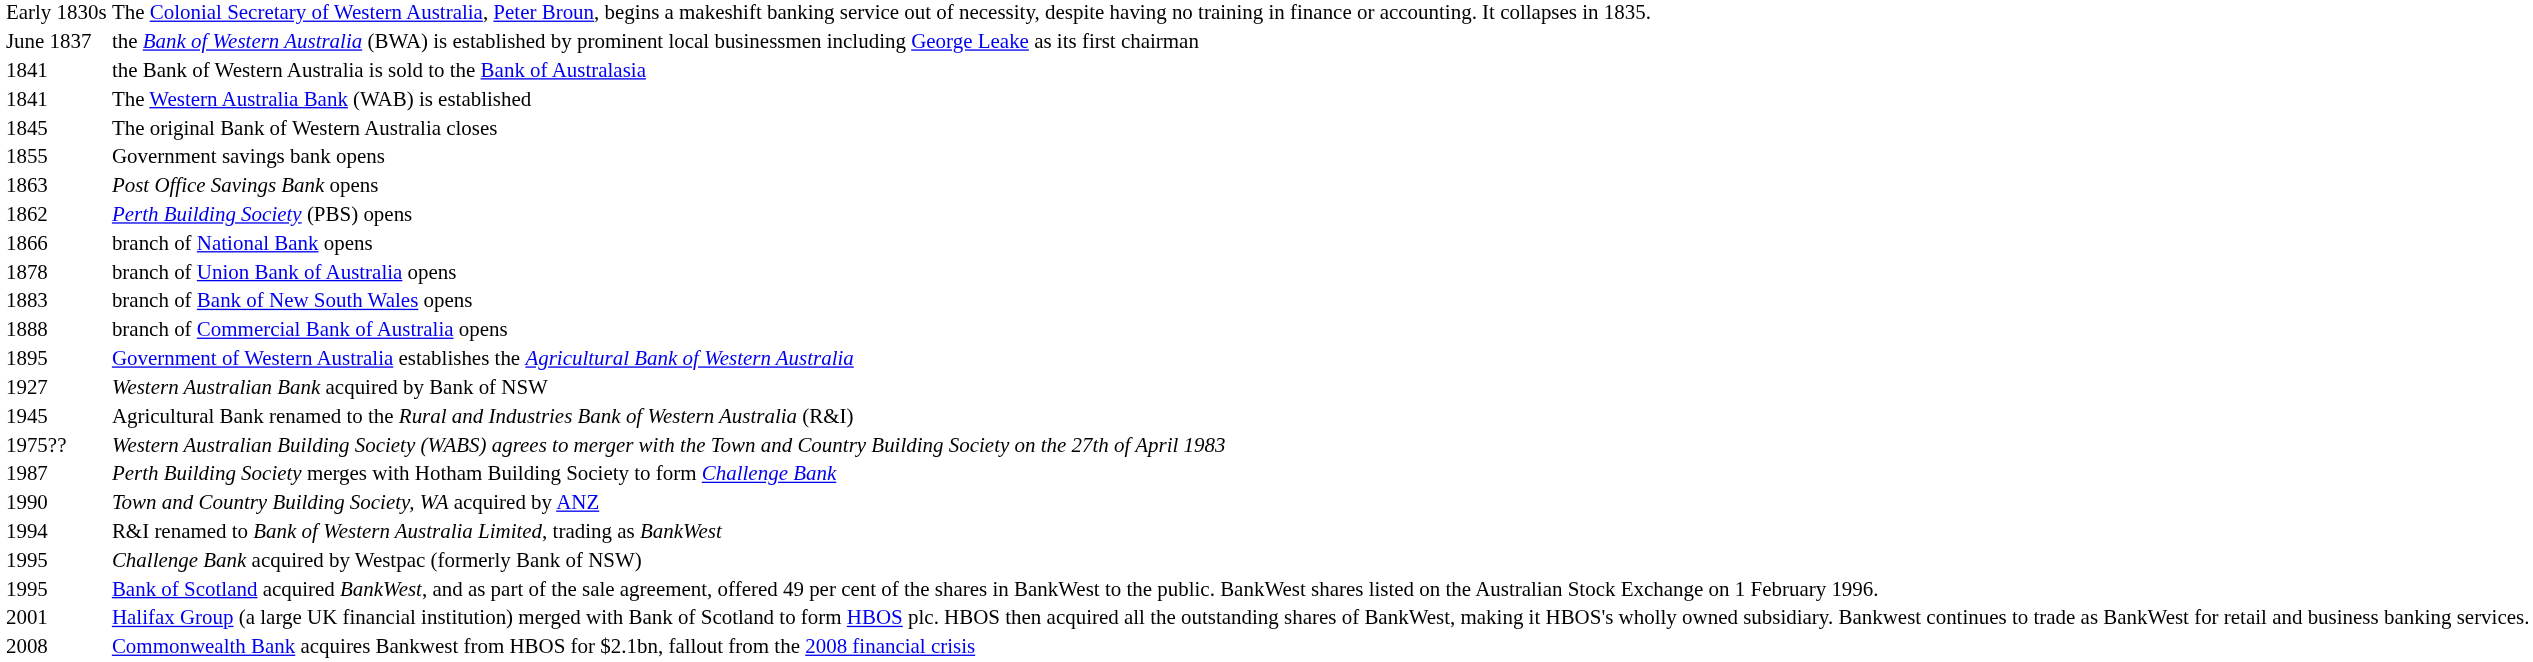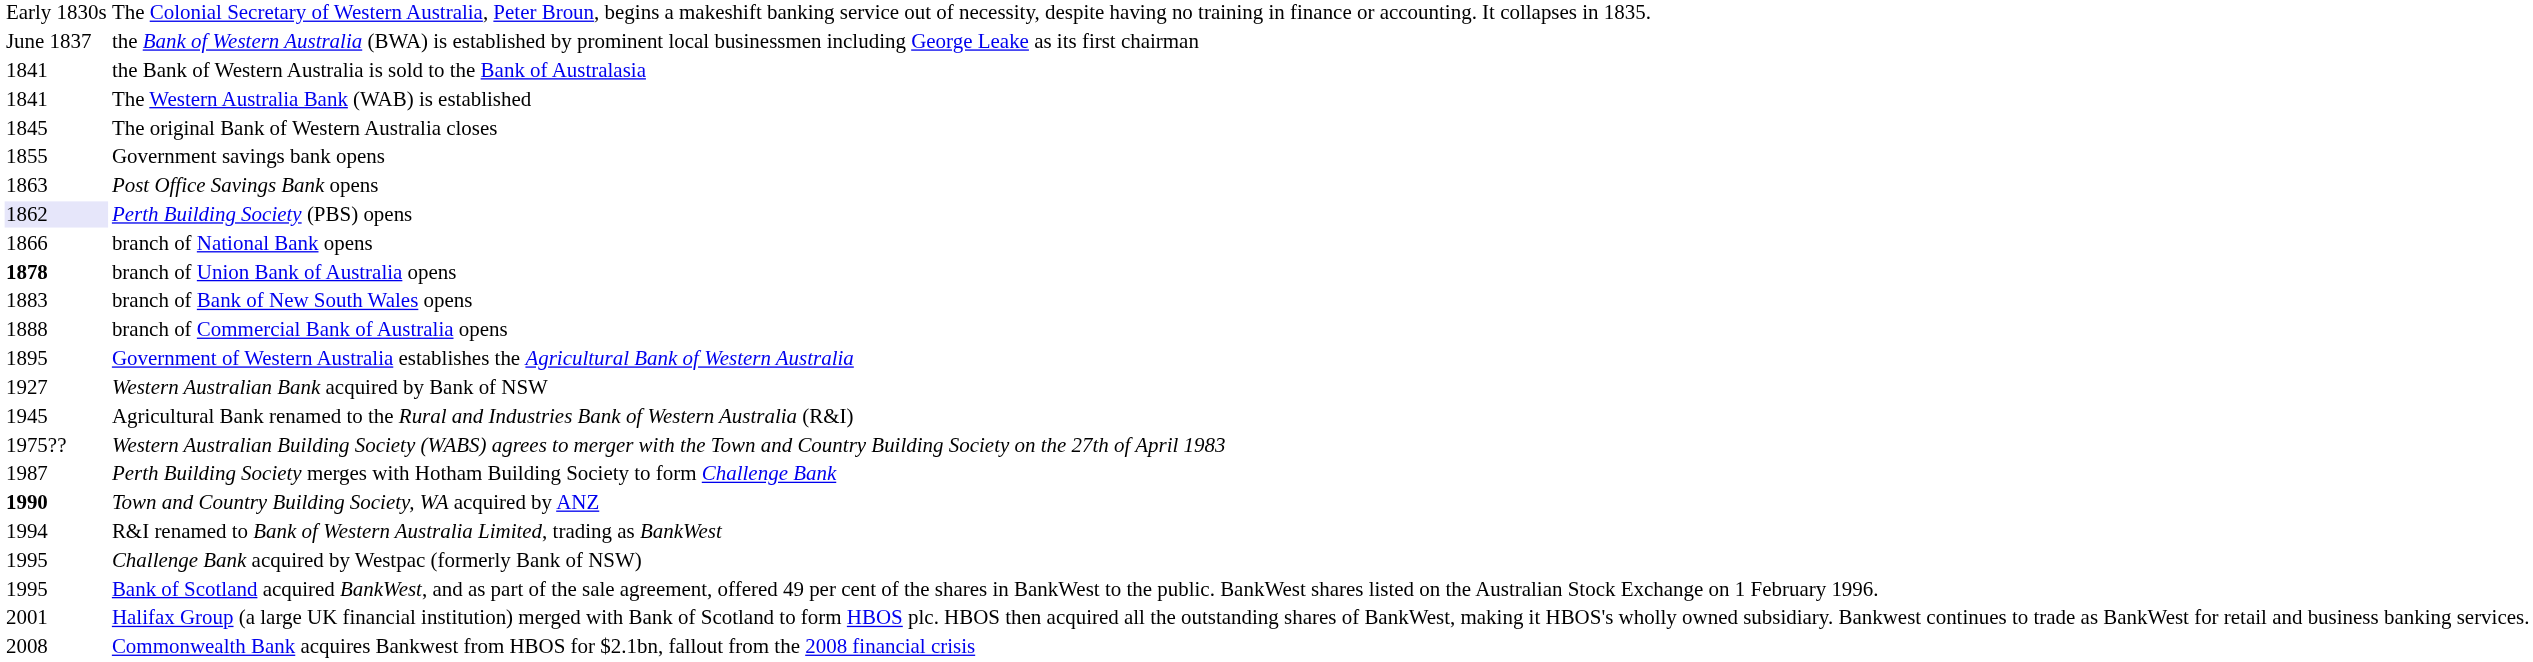 <table>
 <tr>
 <td>Early 1830s</td>
 <td>The <a href='#'>Colonial Secretary of Western Australia</a>, <a href='#'>Peter Broun</a>, begins a makeshift banking service out of necessity, despite having no training in finance or accounting. It collapses in 1835.</td>
 </tr>
 <tr>
 <td>June 1837</td>
 <td>the <em><a href='#'>Bank of Western Australia</a></em> (BWA) is established by  prominent local businessmen including <a href='#'>George Leake</a> as its first chairman</td>
 </tr>
 <tr>
 <td>1841</td>
 <td>the Bank of Western Australia is sold to the <a href='#'>Bank of Australasia</a></td>
 </tr>
 <tr>
 <td>1841</td>
 <td>The <a href='#'>Western Australia Bank</a> (WAB) is established</td>
 </tr>
 <tr>
 <td>1845</td>
 <td>The original Bank of Western Australia closes</td>
 </tr>
 <tr>
 <td>1855</td>
 <td>Government savings bank opens</td>
 </tr>
 <tr>
 <td>1863</td>
 <td><em>Post Office Savings Bank</em> opens</td>
 </tr>
 <tr>
-<td>1862</td>
+<td style="background: lavender;">1862</td>
 <td><em><a href='#'>Perth Building Society</a></em> (PBS) opens</td>
 </tr>
 <tr>
 <td>1866</td>
 <td>branch of <a href='#'>National Bank</a> opens</td>
 </tr>
 <tr>
-<td>1878</td>
+<td><strong>1878</strong></td>
 <td>branch of <a href='#'>Union Bank of Australia</a> opens</td>
 </tr>
 <tr>
 <td>1883</td>
 <td>branch of <a href='#'>Bank of New South Wales</a> opens</td>
 </tr>
 <tr>
 <td>1888</td>
 <td>branch of <a href='#'>Commercial Bank of Australia</a> opens</td>
 </tr>
 <tr>
 <td>1895</td>
 <td><a href='#'>Government of Western Australia</a> establishes the <em><a href='#'>Agricultural Bank of Western Australia</a></em></td>
 </tr>
 <tr>
 <td>1927</td>
 <td><em>Western Australian Bank</em> acquired by Bank of NSW</td>
 </tr>
 <tr>
 <td>1945</td>
 <td>Agricultural Bank renamed to the <em>Rural and Industries Bank of Western Australia</em> (R&I)</td>
 </tr>
 <tr>
 <td>1975??</td>
 <td><em>Western Australian Building Society (WABS) agrees to merger with the Town and Country Building Society on the 27th of April 1983</em></td>
 </tr>
 <tr>
 <td>1987</td>
 <td><em>Perth Building Society</em> merges with Hotham Building Society to form <em><a href='#'>Challenge Bank</a></em></td>
 </tr>
 <tr>
-<td>1990</td>
+<td><strong>1990</strong></td>
 <td><em>Town and Country Building Society, WA</em> acquired by <a href='#'>ANZ</a></td>
 </tr>
 <tr>
 <td>1994</td>
 <td>R&I renamed to <em>Bank of Western Australia Limited</em>, trading as <em>BankWest</em></td>
 </tr>
 <tr>
 <td>1995</td>
 <td><em>Challenge Bank</em> acquired by Westpac (formerly Bank of NSW)</td>
 </tr>
 <tr>
 <td>1995</td>
 <td><a href='#'>Bank of Scotland</a> acquired <em>BankWest</em>, and as part of the sale agreement, offered 49 per cent of the shares in BankWest to the public.  BankWest shares listed on the Australian Stock Exchange on 1 February 1996.</td>
 </tr>
 <tr>
 <td>2001</td>
 <td><a href='#'>Halifax Group</a> (a large UK financial institution) merged with Bank of Scotland to form <a href='#'>HBOS</a> plc. HBOS then acquired all the outstanding shares of BankWest, making it HBOS's wholly owned subsidiary.  Bankwest continues to trade as BankWest for retail and business banking services.</td>
 </tr>
 <tr>
 <td>2008</td>
 <td><a href='#'>Commonwealth Bank</a> acquires Bankwest from HBOS for $2.1bn, fallout from the <a href='#'>2008 financial crisis</a></td>
 </tr>
 </table>
